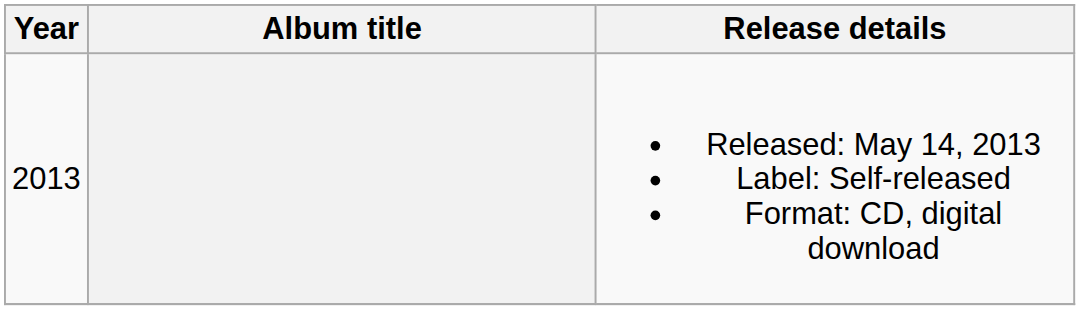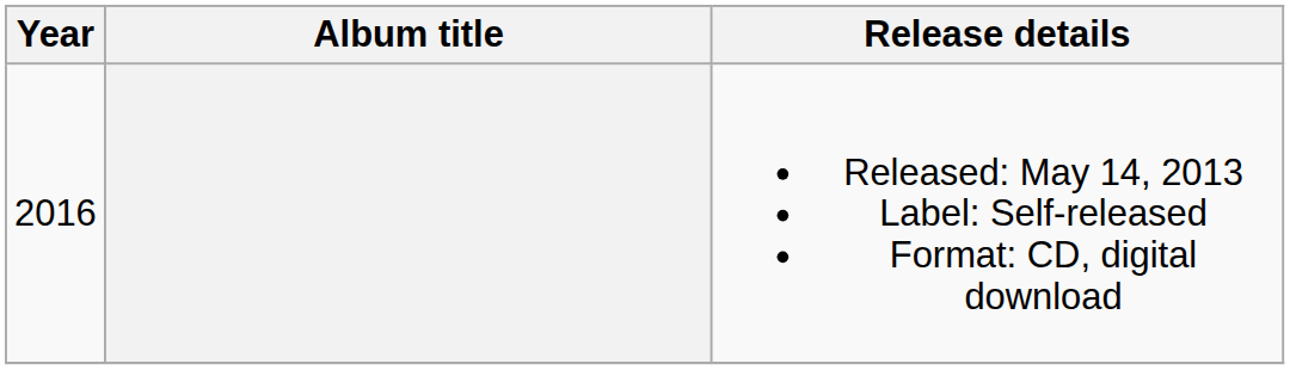 <table class="wikitable plainrowheaders" style="text-align:center;">
 <tr>
 <th>Year</th>
 <th scope="col" rowspan="1" style="width:16em;">Album title</th>
 <th scope="col" rowspan="1" style="width:15em;">Release details</th>
 </tr>
 <tr>
-<td>2013</td>
+<td>2016</td>
 <th></th>
 <td><br><ul><li>Released: May 14, 2013</li><li>Label: Self-released</li><li>Format: CD, digital download</li></ul></td>
 </tr>
 <tr>
 </tr>
 </table>
